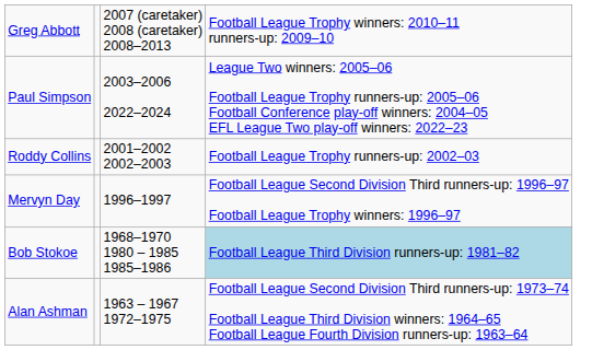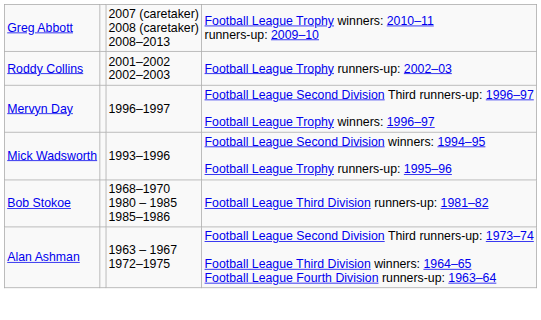 <table class="wikitable sortable">
 <tr>
 <td align=left><a href='#'>Greg Abbott</a></td>
 <td></td>
 <td align=left>2007 (caretaker)<br>2008 (caretaker)<br>2008–2013</td>
 <td align=left><a href='#'>Football League Trophy</a> winners: <a href='#'>2010–11</a><br>runners-up: <a href='#'>2009–10</a></td>
-</tr>
-<tr>
-<td align=left><a href='#'>Paul Simpson</a></td>
-<td></td>
-<td align=left>2003–2006<br><br>2022–2024</td>
-<td align=left><a href='#'>League Two</a> winners: <a href='#'>2005–06</a><br><br><a href='#'>Football League Trophy</a> runners-up: <a href='#'>2005–06</a><br> <a href='#'>Football Conference</a> <a href='#'>play-off</a> winners: <a href='#'>2004–05</a><br><a href='#'>EFL League Two play-off</a> winners: <a href='#'>2022–23</a></td>
 </tr>
 <tr>
 <td align=left><a href='#'>Roddy Collins</a></td>
 <td></td>
 <td align=left>2001–2002<br>2002–2003</td>
 <td align=left><a href='#'>Football League Trophy</a> runners-up: <a href='#'>2002–03</a></td>
 </tr>
 <tr>
 <td align=left><a href='#'>Mervyn Day</a></td>
 <td></td>
 <td align=left>1996–1997</td>
 <td align=left><a href='#'>Football League Second Division</a> Third runners-up: <a href='#'>1996–97</a><br><br><a href='#'>Football League Trophy</a> winners: <a href='#'>1996–97</a></td>
 </tr>
 <tr>
+<td align=left><a href='#'>Mick Wadsworth</a></td>
+<td></td>
+<td align=left>1993–1996</td>
+<td align=left><a href='#'>Football League Second Division</a> winners: <a href='#'>1994–95</a><br><br><a href='#'>Football League Trophy</a> runners-up: <a href='#'>1995–96</a></td>
+</tr>
+<tr>
 <td align=left><a href='#'>Bob Stokoe</a></td>
 <td></td>
 <td align=left>1968–1970<br>1980 – 1985<br>1985–1986</td>
-<td align=left style="background: lightblue;"><a href='#'>Football League Third Division</a> runners-up: <a href='#'>1981–82</a></td>
+<td align=left><a href='#'>Football League Third Division</a> runners-up: <a href='#'>1981–82</a></td>
 </tr>
 <tr>
 <td align=left><a href='#'>Alan Ashman</a></td>
 <td></td>
 <td align=left>1963 – 1967<br>1972–1975</td>
 <td align=left><a href='#'>Football League Second Division</a> Third runners-up: <a href='#'>1973–74</a><br><br><a href='#'>Football League Third Division</a> winners: <a href='#'>1964–65</a><br> <a href='#'>Football League Fourth Division</a> runners-up: <a href='#'>1963–64</a></td>
 </tr>
 </table>
